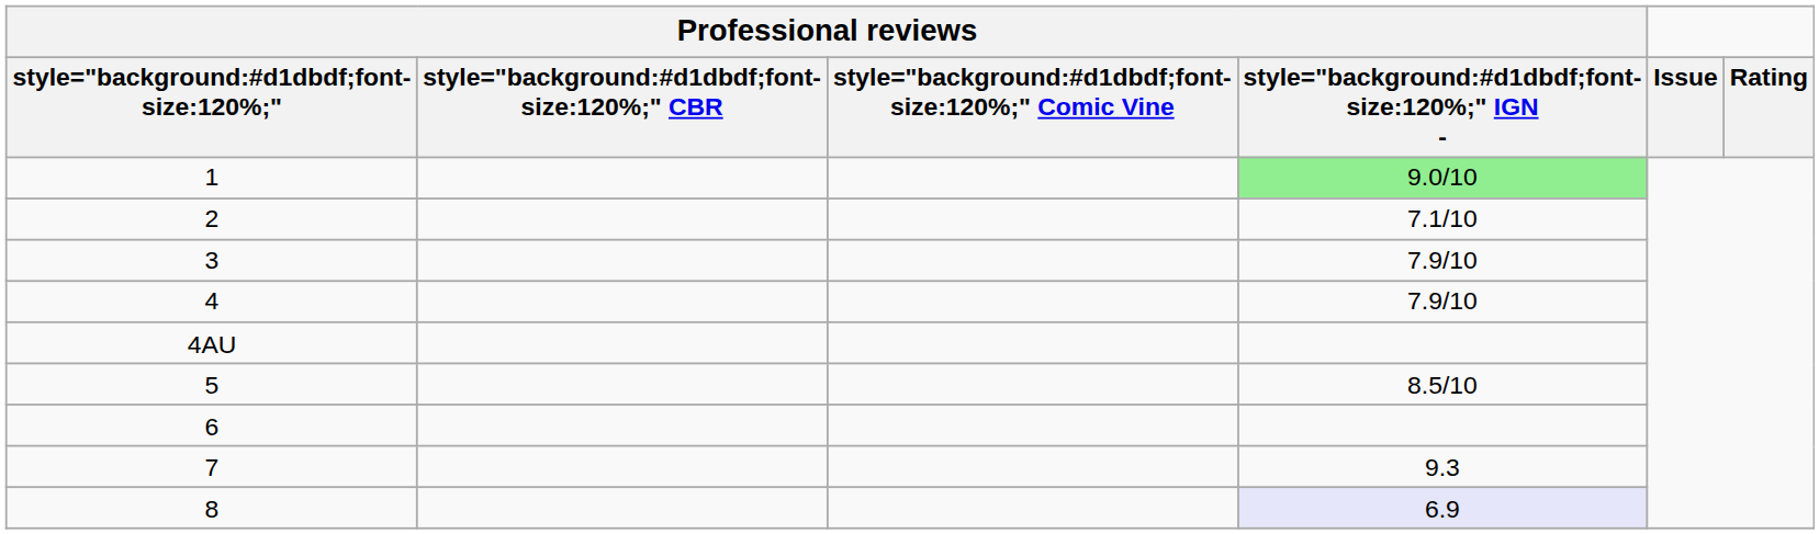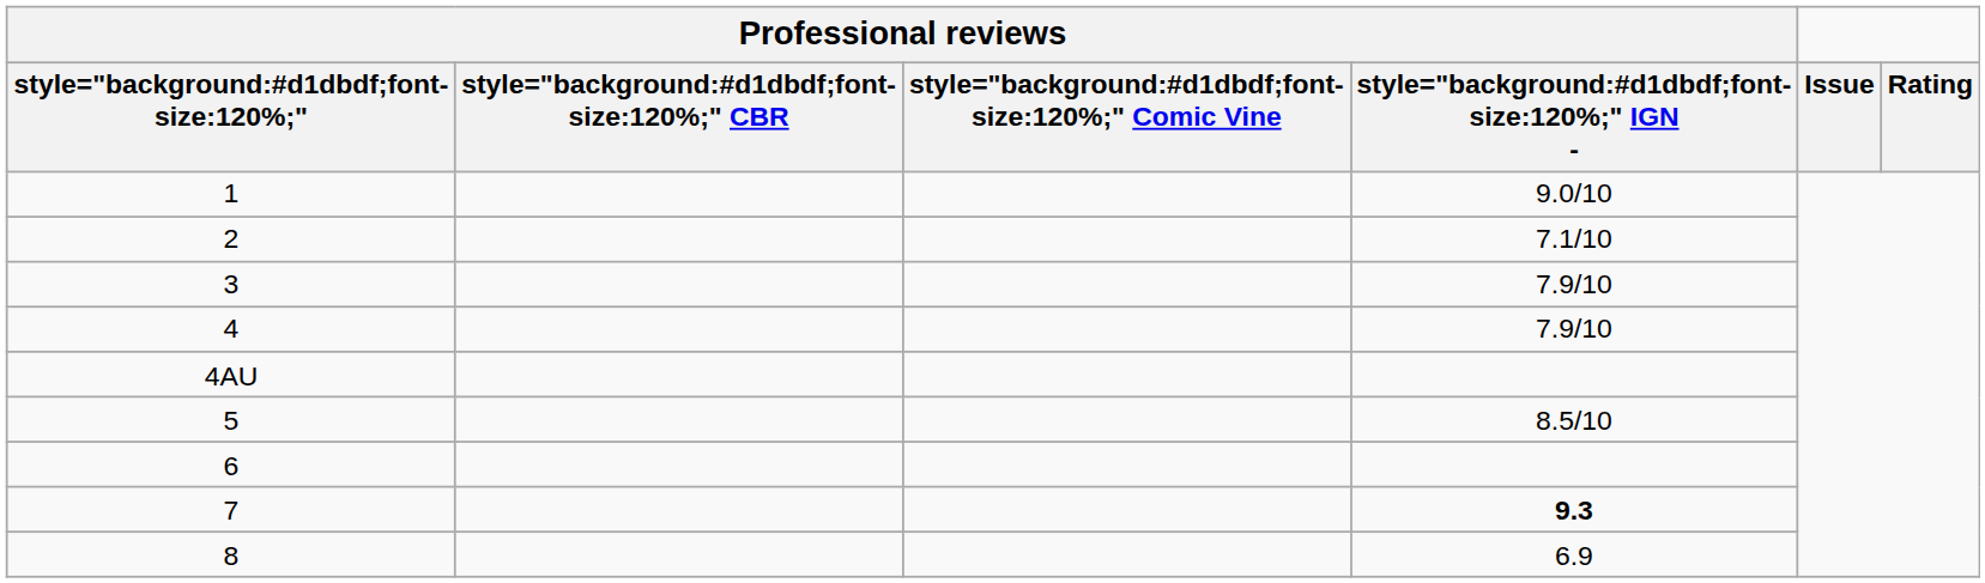 <table class="wikitable infobox" style="float: right; width:24.2em; font-size: 80%; text-align: center; margin:0.5em 0 0.5em 1em; padding:0;" cellpadding="0" cellspacing="0">
 <tr>
 <th colspan="4" style="font-size:120%;">Professional reviews</th>
 </tr>
 <tr>
 <th>style="background:#d1dbdf;font-size:120%;" </th>
 <th>style="background:#d1dbdf;font-size:120%;"  <a href='#'>CBR</a></th>
 <th>style="background:#d1dbdf;font-size:120%;"  <a href='#'>Comic Vine</a></th>
 <th>style="background:#d1dbdf;font-size:120%;"  <a href='#'>IGN</a><br>-</th>
 <th>Issue</th>
 <th colspan="3">Rating</th>
 </tr>
 <tr>
 <td>1</td>
 <td></td>
 <td></td>
-<td style="background: lightgreen;">9.0/10</td>
+<td>9.0/10</td>
 </tr>
 <tr>
 <td>2</td>
 <td></td>
 <td></td>
 <td>7.1/10</td>
 </tr>
 <tr>
 <td>3</td>
 <td></td>
 <td></td>
 <td>7.9/10</td>
 </tr>
 <tr>
 <td>4</td>
 <td></td>
 <td></td>
 <td>7.9/10</td>
 </tr>
 <tr>
 <td>4AU</td>
 <td></td>
 <td></td>
 <td></td>
 </tr>
 <tr>
 <td>5</td>
 <td></td>
 <td></td>
 <td>8.5/10</td>
 </tr>
 <tr>
 <td>6</td>
 <td></td>
 <td></td>
 <td></td>
 </tr>
 <tr>
 <td>7</td>
 <td></td>
 <td></td>
-<td>9.3</td>
+<td><strong>9.3</strong></td>
 </tr>
 <tr>
 <td>8</td>
 <td></td>
 <td></td>
-<td style="background: lavender;">6.9</td>
+<td>6.9</td>
 </tr>
 </table>
